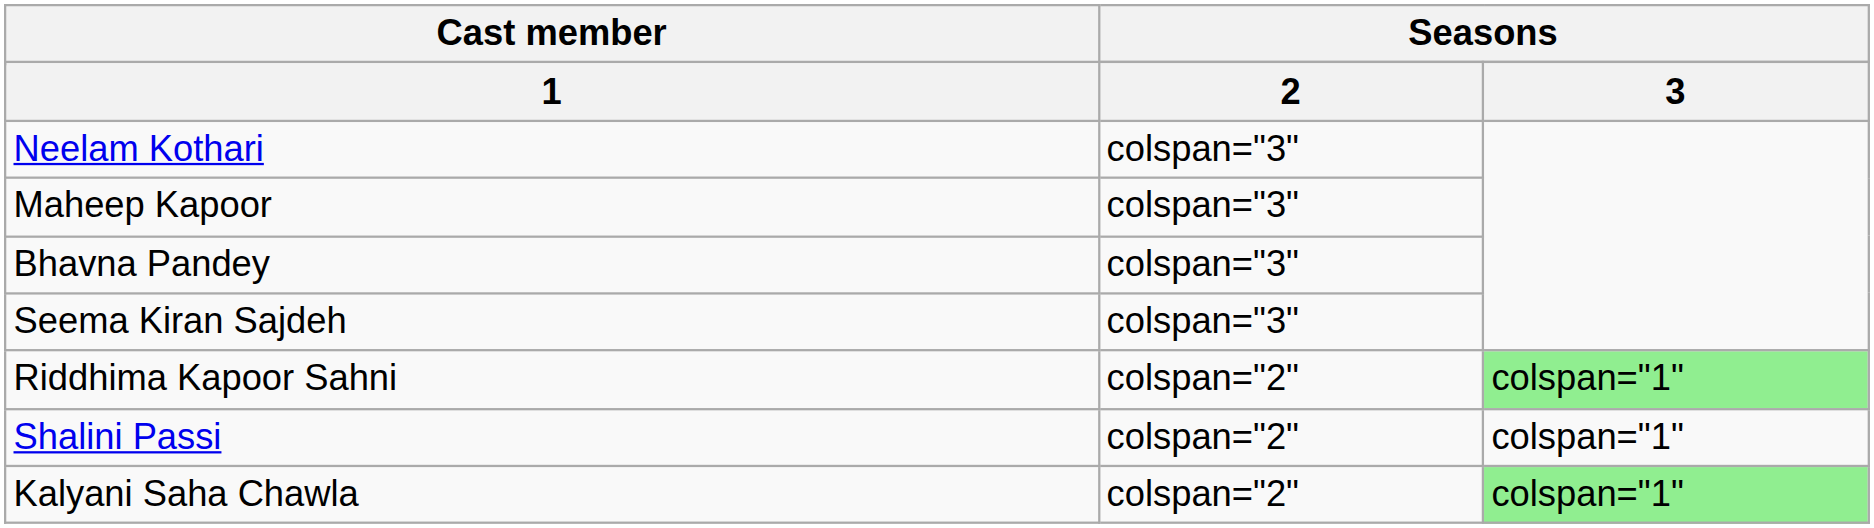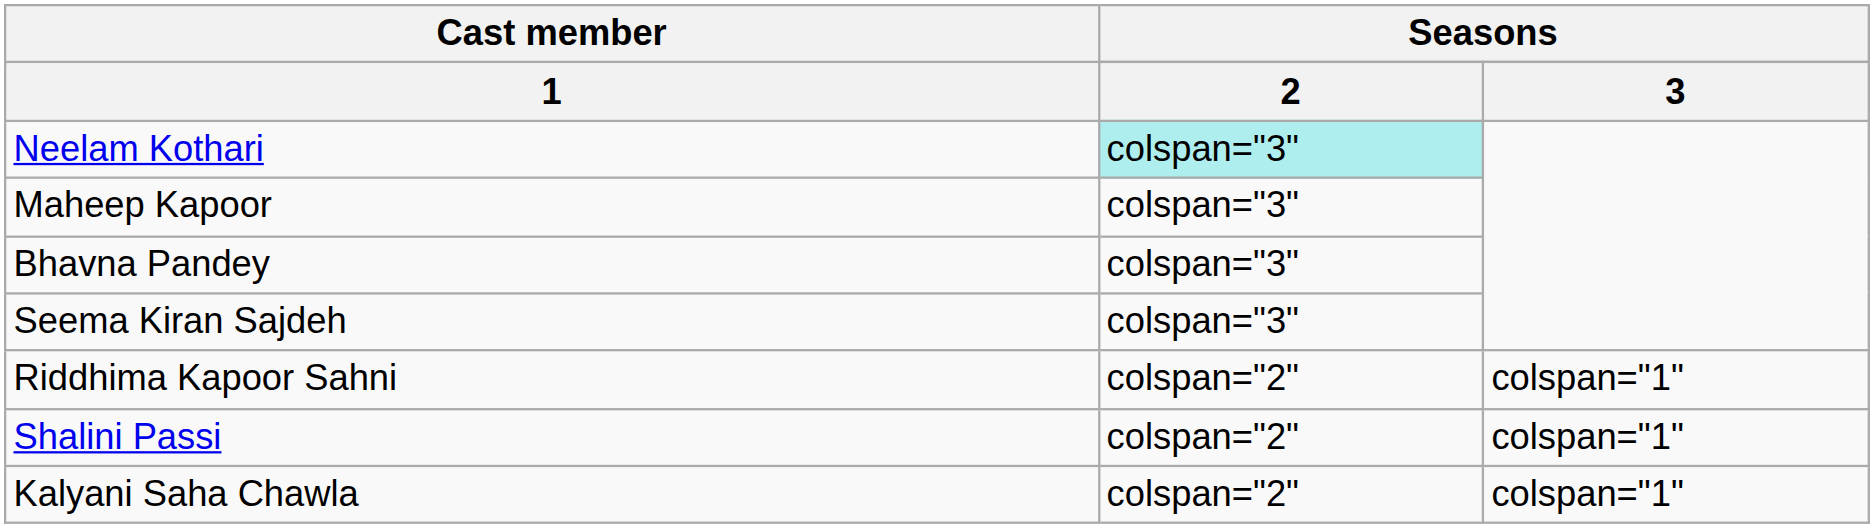 <table class="wikitable plainrowheaders" width="65%">
 <tr>
 <th scope="col" rowspan="2" style="width:25%;">Cast member</th>
 <th colspan="4" scope="col">Seasons</th>
 </tr>
 <tr>
 </tr>
 <tr>
 <th scope="col" style="width:7%;">1</th>
 <th scope="col" style="width:7%;">2</th>
 <th scope="col" style="width:7%;">3</th>
 </tr>
 <tr>
 <td scope="row"><a href='#'>Neelam Kothari</a></td>
-<td>colspan="3" </td>
+<td style="background: paleturquoise;">colspan="3" </td>
 </tr>
 <tr>
 <td scope="row">Maheep Kapoor</td>
 <td>colspan="3" </td>
 </tr>
 <tr>
 <td scope="row">Bhavna Pandey</td>
 <td>colspan="3" </td>
 </tr>
 <tr>
 <td scope="row">Seema Kiran Sajdeh</td>
 <td>colspan="3" </td>
 </tr>
 <tr>
 <td scope="row">Riddhima Kapoor Sahni</td>
 <td>colspan="2" </td>
-<td style="background: lightgreen;">colspan="1" </td>
+<td>colspan="1" </td>
 </tr>
 <tr>
 <td scope="row"><a href='#'>Shalini Passi</a></td>
 <td>colspan="2" </td>
 <td>colspan="1" </td>
 </tr>
 <tr>
 <td scope="row">Kalyani Saha Chawla</td>
 <td>colspan="2" </td>
-<td style="background: lightgreen;">colspan="1" </td>
+<td>colspan="1" </td>
 </tr>
 </table>
